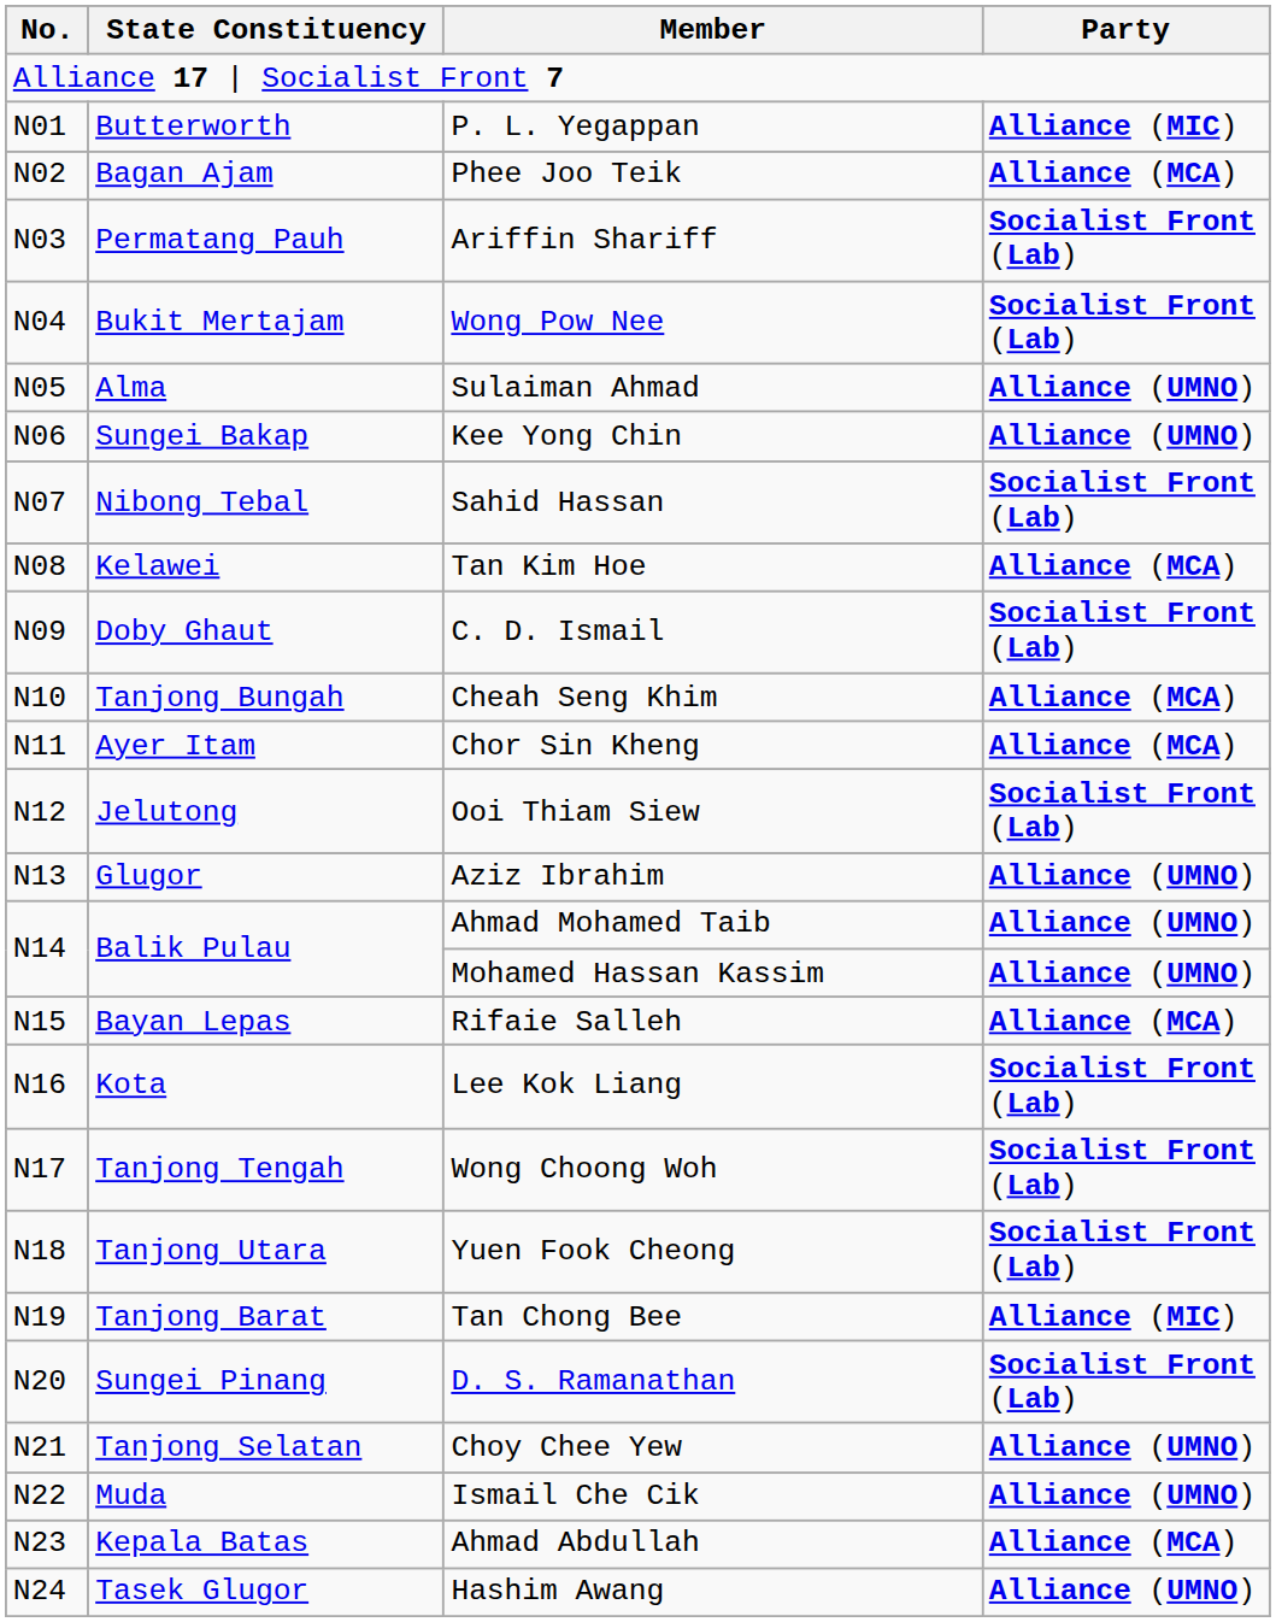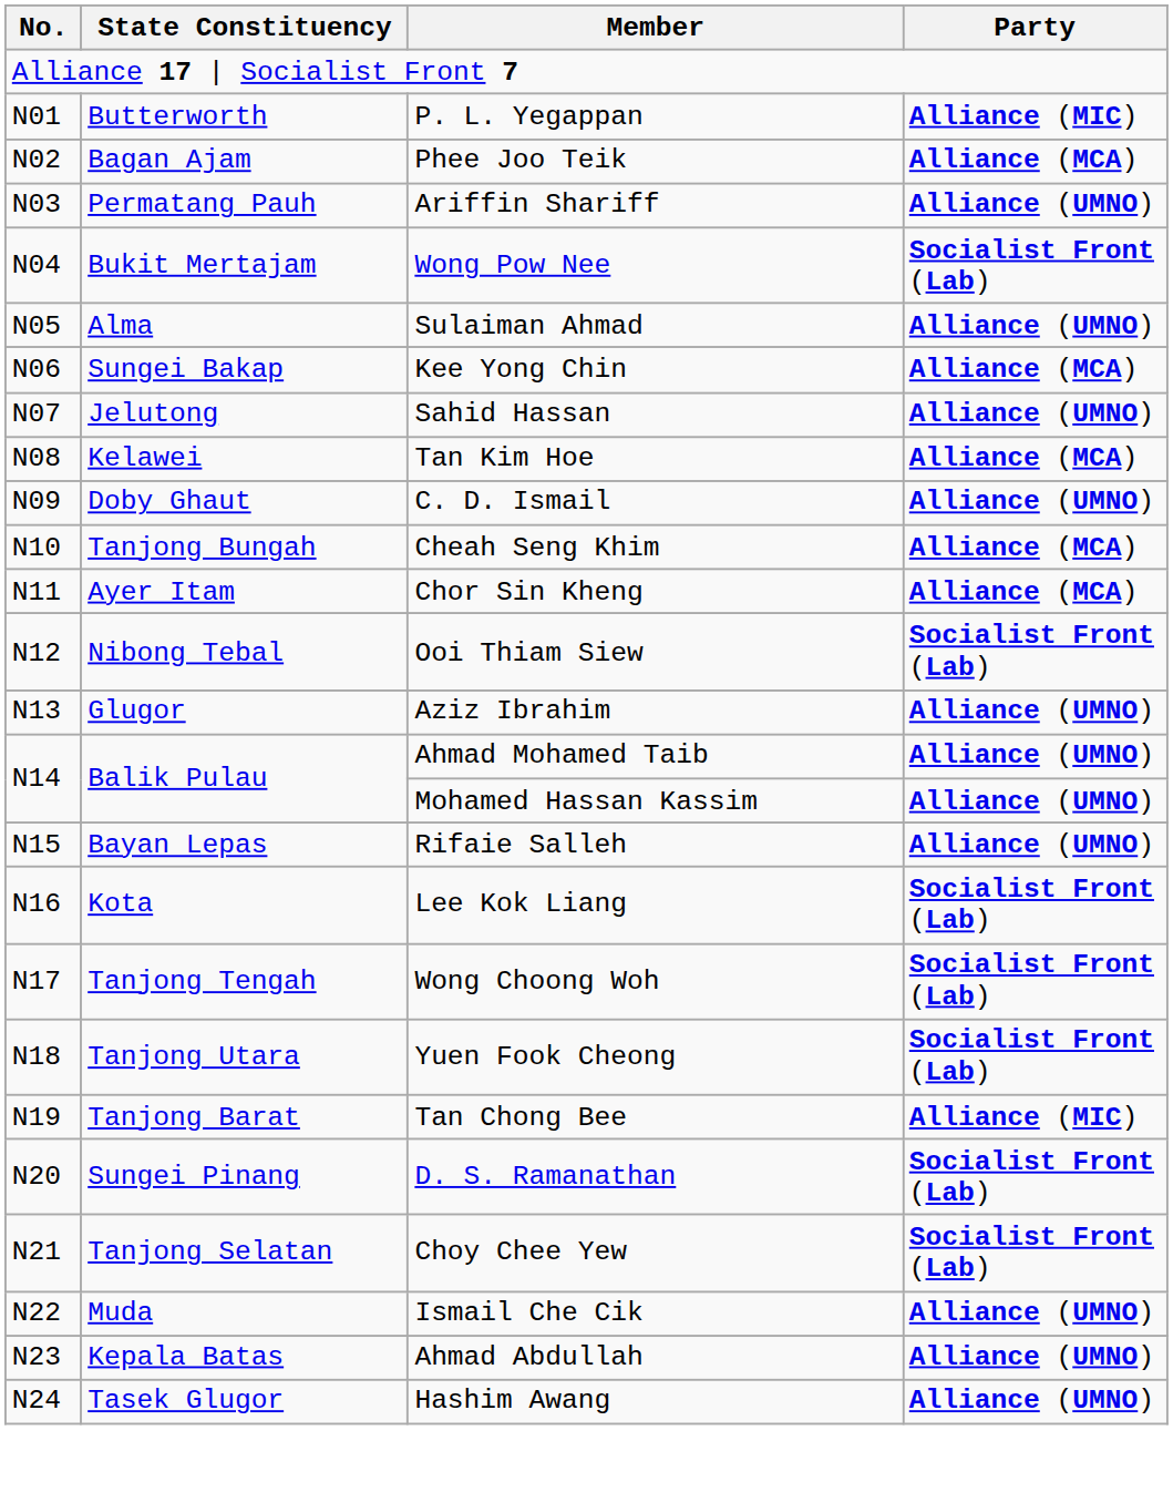 <table class="wikitable sortable">
 <tr>
 <th style="width:30px;">No.</th>
 <th style="width:150px;">State Constituency</th>
 <th style="width:230px;">Member</th>
 <th style="width:120px;">Party</th>
 </tr>
 <tr>
 <td colspan="4"><a href='#'>Alliance</a> <strong>17</strong> | <a href='#'>Socialist Front</a> <strong>7</strong></td>
 </tr>
 <tr>
 <td>N01</td>
 <td><a href='#'>Butterworth</a></td>
 <td>P. L. Yegappan</td>
 <td><strong><a href='#'>Alliance</a></strong> (<strong><a href='#'>MIC</a></strong>)</td>
 </tr>
 <tr>
 <td>N02</td>
 <td><a href='#'>Bagan Ajam</a></td>
 <td>Phee Joo Teik</td>
 <td><strong><a href='#'>Alliance</a></strong> (<strong><a href='#'>MCA</a></strong>)</td>
 </tr>
 <tr>
 <td>N03</td>
 <td><a href='#'>Permatang Pauh</a></td>
 <td>Ariffin Shariff</td>
-<td><strong><a href='#'>Socialist Front</a></strong> (<strong><a href='#'>Lab</a></strong>)</td>
+<td><strong><a href='#'>Alliance</a></strong> (<strong><a href='#'>UMNO</a></strong>)</td>
 </tr>
 <tr>
 <td>N04</td>
 <td><a href='#'>Bukit Mertajam</a></td>
 <td><a href='#'>Wong Pow Nee</a></td>
 <td><strong><a href='#'>Socialist Front</a></strong> (<strong><a href='#'>Lab</a></strong>)</td>
 </tr>
 <tr>
 <td>N05</td>
 <td><a href='#'>Alma</a></td>
 <td>Sulaiman Ahmad</td>
 <td><strong><a href='#'>Alliance</a></strong> (<strong><a href='#'>UMNO</a></strong>)</td>
 </tr>
 <tr>
 <td>N06</td>
 <td><a href='#'>Sungei Bakap</a></td>
 <td>Kee Yong Chin</td>
-<td><strong><a href='#'>Alliance</a></strong> (<strong><a href='#'>UMNO</a></strong>)</td>
+<td><strong><a href='#'>Alliance</a></strong> (<strong><a href='#'>MCA</a></strong>)</td>
 </tr>
 <tr>
 <td>N07</td>
-<td><a href='#'>Nibong Tebal</a></td>
+<td><a href='#'>Jelutong</a></td>
 <td>Sahid Hassan</td>
-<td><strong><a href='#'>Socialist Front</a></strong> (<strong><a href='#'>Lab</a></strong>)</td>
+<td><strong><a href='#'>Alliance</a></strong> (<strong><a href='#'>UMNO</a></strong>)</td>
 </tr>
 <tr>
 <td>N08</td>
 <td><a href='#'>Kelawei</a></td>
 <td>Tan Kim Hoe</td>
 <td><strong><a href='#'>Alliance</a></strong> (<strong><a href='#'>MCA</a></strong>)</td>
 </tr>
 <tr>
 <td>N09</td>
 <td><a href='#'>Doby Ghaut</a></td>
 <td>C. D. Ismail</td>
-<td><strong><a href='#'>Socialist Front</a></strong> (<strong><a href='#'>Lab</a></strong>)</td>
+<td><strong><a href='#'>Alliance</a></strong> (<strong><a href='#'>UMNO</a></strong>)</td>
 </tr>
 <tr>
 <td>N10</td>
 <td><a href='#'>Tanjong Bungah</a></td>
 <td>Cheah Seng Khim</td>
 <td><strong><a href='#'>Alliance</a></strong> (<strong><a href='#'>MCA</a></strong>)</td>
 </tr>
 <tr>
 <td>N11</td>
 <td><a href='#'>Ayer Itam</a></td>
 <td>Chor Sin Kheng</td>
 <td><strong><a href='#'>Alliance</a></strong> (<strong><a href='#'>MCA</a></strong>)</td>
 </tr>
 <tr>
 <td>N12</td>
-<td><a href='#'>Jelutong</a></td>
+<td><a href='#'>Nibong Tebal</a></td>
 <td>Ooi Thiam Siew</td>
 <td><strong><a href='#'>Socialist Front</a></strong> (<strong><a href='#'>Lab</a></strong>)</td>
 </tr>
 <tr>
 <td>N13</td>
 <td><a href='#'>Glugor</a></td>
 <td>Aziz Ibrahim</td>
 <td><strong><a href='#'>Alliance</a></strong> (<strong><a href='#'>UMNO</a></strong>)</td>
 </tr>
 <tr>
 <td rowspan=2>N14</td>
 <td rowspan=2><a href='#'>Balik Pulau</a></td>
 <td>Ahmad Mohamed Taib </td>
 <td><strong><a href='#'>Alliance</a></strong> (<strong><a href='#'>UMNO</a></strong>)</td>
 </tr>
 <tr>
 <td>Mohamed Hassan Kassim </td>
 <td><strong><a href='#'>Alliance</a></strong> (<strong><a href='#'>UMNO</a></strong>)</td>
 </tr>
 <tr>
 <td>N15</td>
 <td><a href='#'>Bayan Lepas</a></td>
 <td>Rifaie Salleh</td>
-<td><strong><a href='#'>Alliance</a></strong> (<strong><a href='#'>MCA</a></strong>)</td>
+<td><strong><a href='#'>Alliance</a></strong> (<strong><a href='#'>UMNO</a></strong>)</td>
 </tr>
 <tr>
 <td>N16</td>
 <td><a href='#'>Kota</a></td>
 <td>Lee Kok Liang</td>
 <td><strong><a href='#'>Socialist Front</a></strong> (<strong><a href='#'>Lab</a></strong>)</td>
 </tr>
 <tr>
 <td>N17</td>
 <td><a href='#'>Tanjong Tengah</a></td>
 <td>Wong Choong Woh</td>
 <td><strong><a href='#'>Socialist Front</a></strong> (<strong><a href='#'>Lab</a></strong>)</td>
 </tr>
 <tr>
 <td>N18</td>
 <td><a href='#'>Tanjong Utara</a></td>
 <td>Yuen Fook Cheong</td>
 <td><strong><a href='#'>Socialist Front</a></strong> (<strong><a href='#'>Lab</a></strong>)</td>
 </tr>
 <tr>
 <td>N19</td>
 <td><a href='#'>Tanjong Barat</a></td>
 <td>Tan Chong Bee</td>
 <td><strong><a href='#'>Alliance</a></strong> (<strong><a href='#'>MIC</a></strong>)</td>
 </tr>
 <tr>
 <td>N20</td>
 <td><a href='#'>Sungei Pinang</a></td>
 <td><a href='#'>D. S. Ramanathan</a></td>
 <td><strong><a href='#'>Socialist Front</a></strong> (<strong><a href='#'>Lab</a></strong>)</td>
 </tr>
 <tr>
 <td>N21</td>
 <td><a href='#'>Tanjong Selatan</a></td>
 <td>Choy Chee Yew</td>
-<td><strong><a href='#'>Alliance</a></strong> (<strong><a href='#'>UMNO</a></strong>)</td>
+<td><strong><a href='#'>Socialist Front</a></strong> (<strong><a href='#'>Lab</a></strong>)</td>
 </tr>
 <tr>
 <td>N22</td>
 <td><a href='#'>Muda</a></td>
 <td>Ismail Che Cik</td>
 <td><strong><a href='#'>Alliance</a></strong> (<strong><a href='#'>UMNO</a></strong>)</td>
 </tr>
 <tr>
 <td>N23</td>
 <td><a href='#'>Kepala Batas</a></td>
 <td>Ahmad Abdullah</td>
-<td><strong><a href='#'>Alliance</a></strong> (<strong><a href='#'>MCA</a></strong>)</td>
+<td><strong><a href='#'>Alliance</a></strong> (<strong><a href='#'>UMNO</a></strong>)</td>
 </tr>
 <tr>
 <td>N24</td>
 <td><a href='#'>Tasek Glugor</a></td>
 <td>Hashim Awang</td>
 <td><strong><a href='#'>Alliance</a></strong> (<strong><a href='#'>UMNO</a></strong>)</td>
 </tr>
 </table>
